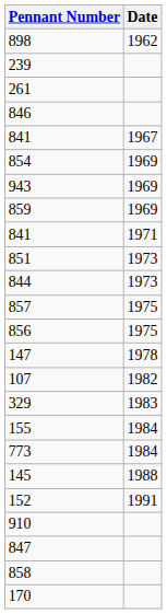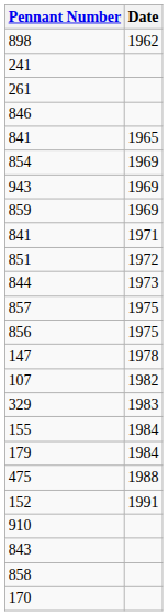 <table class="wikitable" style="text-align:left">
 <tr>
 <th><a href='#'>Pennant Number</a></th>
 <th>Date</th>
 </tr>
 <tr>
 <td>898</td>
 <td>1962</td>
 </tr>
 <tr>
-<td>239</td>
+<td>241</td>
 <td></td>
 </tr>
 <tr>
 <td>261</td>
 <td></td>
 </tr>
 <tr>
 <td>846</td>
 <td></td>
 </tr>
 <tr>
 <td>841</td>
-<td>1967</td>
+<td>1965</td>
 </tr>
 <tr>
 <td>854</td>
 <td>1969</td>
 </tr>
 <tr>
 <td>943</td>
 <td>1969</td>
 </tr>
 <tr>
 <td>859</td>
 <td>1969</td>
 </tr>
 <tr>
 <td>841</td>
 <td>1971</td>
 </tr>
 <tr>
 <td>851</td>
-<td>1973</td>
+<td>1972</td>
 </tr>
 <tr>
 <td>844</td>
 <td>1973</td>
 </tr>
 <tr>
 <td>857</td>
 <td>1975</td>
 </tr>
 <tr>
 <td>856</td>
 <td>1975</td>
 </tr>
 <tr>
 <td>147</td>
 <td>1978</td>
 </tr>
 <tr>
 <td>107</td>
 <td>1982</td>
 </tr>
 <tr>
 <td>329</td>
 <td>1983</td>
 </tr>
 <tr>
 <td>155</td>
 <td>1984</td>
 </tr>
 <tr>
-<td>773</td>
+<td>179</td>
 <td>1984</td>
 </tr>
 <tr>
-<td>145</td>
+<td>475</td>
 <td>1988</td>
 </tr>
 <tr>
 <td>152</td>
 <td>1991</td>
 </tr>
 <tr>
 <td>910</td>
 <td></td>
 </tr>
 <tr>
-<td>847</td>
+<td>843</td>
 <td></td>
 </tr>
 <tr>
 <td>858</td>
 <td></td>
 </tr>
 <tr>
 <td>170</td>
 <td></td>
 </tr>
 </table>
